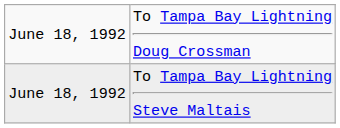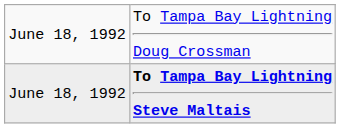 <table class="wikitable">
 <tr>
 <td>June 18, 1992</td>
 <td valign="top">To <a href='#'>Tampa Bay Lightning</a><hr><a href='#'>Doug Crossman</a></td>
 </tr>
 <tr style="background:#eee;">
 <td>June 18, 1992</td>
-<td valign="top">To <a href='#'>Tampa Bay Lightning</a><hr><a href='#'>Steve Maltais</a></td>
+<td valign="top"><strong>To <a href='#'>Tampa Bay Lightning</a><hr><a href='#'>Steve Maltais</a></strong></td>
 </tr>
 </table>
